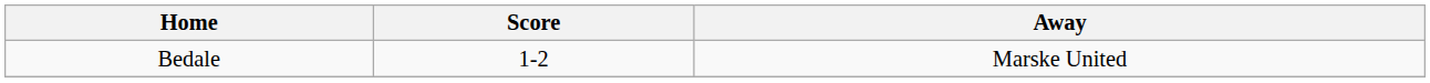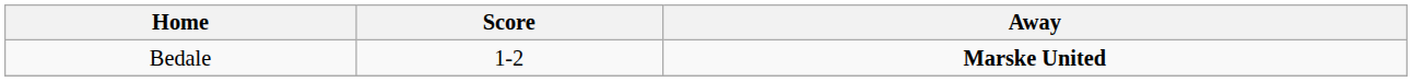 <table class="wikitable " style="text-align:center; width:80%;">
 <tr>
 <th>Home</th>
 <th>Score</th>
 <th>Away</th>
 </tr>
 <tr>
 <td>Bedale</td>
 <td>1-2</td>
-<td>Marske United</td>
+<td><strong>Marske United</strong></td>
 </tr>
 <tr>
 </tr>
 </table>
